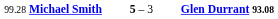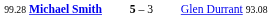 <table style="text-align:center">
 <tr>
 <th width=223></th>
 <th width=100></th>
 <th width=223></th>
 </tr>
 <tr>
 <td align=right><small>99.28</small> <strong><a href='#'>Michael Smith</a></strong> </td>
 <td><strong>5</strong> – 3</td>
-<td align=left><strong> <a href='#'>Glen Durrant</a> <small>93.08</small></strong></td>
+<td align=left> <a href='#'>Glen Durrant</a> <small>93.08</small></td>
 </tr>
 <tr>
 <td align=right></td>
 <td></td>
 <td align=left></td>
 </tr>
 </table>
